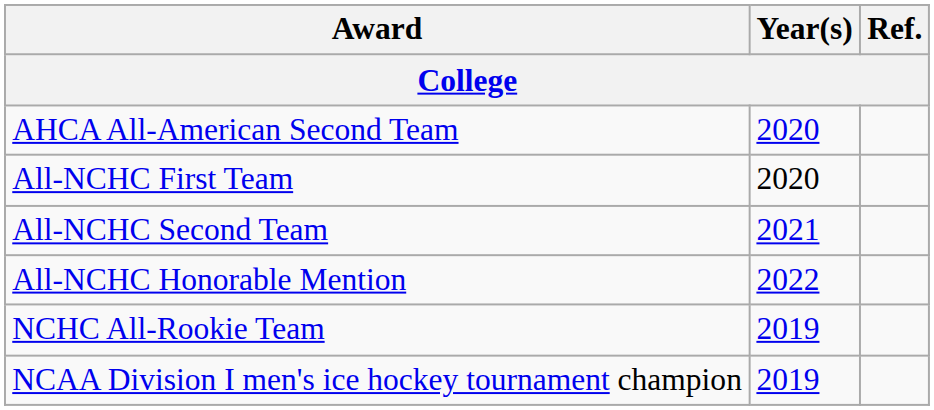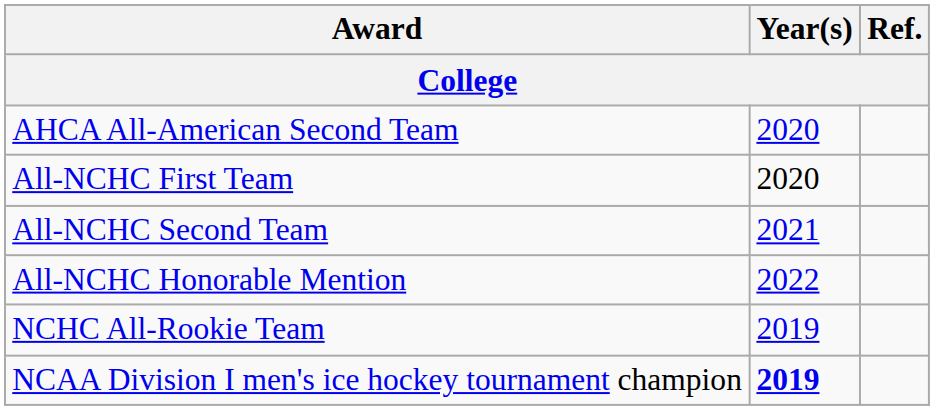 <table class="wikitable">
 <tr>
 <th>Award</th>
 <th>Year(s)</th>
 <th>Ref.</th>
 </tr>
 <tr>
 <th colspan="3"><a href='#'>College</a></th>
 </tr>
 <tr>
 <td><a href='#'>AHCA All-American Second Team</a></td>
 <td><a href='#'>2020</a></td>
 <td></td>
 </tr>
 <tr>
 <td><a href='#'>All-NCHC First Team</a></td>
 <td>2020</td>
 <td></td>
 </tr>
 <tr>
 <td><a href='#'>All-NCHC Second Team</a></td>
 <td><a href='#'>2021</a></td>
 <td></td>
 </tr>
 <tr>
 <td><a href='#'>All-NCHC Honorable Mention</a></td>
 <td><a href='#'>2022</a></td>
 <td></td>
 </tr>
 <tr>
 <td><a href='#'>NCHC All-Rookie Team</a></td>
 <td><a href='#'>2019</a></td>
 <td></td>
 </tr>
 <tr>
 <td><a href='#'>NCAA Division I men's ice hockey tournament</a> champion</td>
-<td><a href='#'>2019</a></td>
+<td><strong><a href='#'>2019</a></strong></td>
 <td></td>
 </tr>
 </table>
